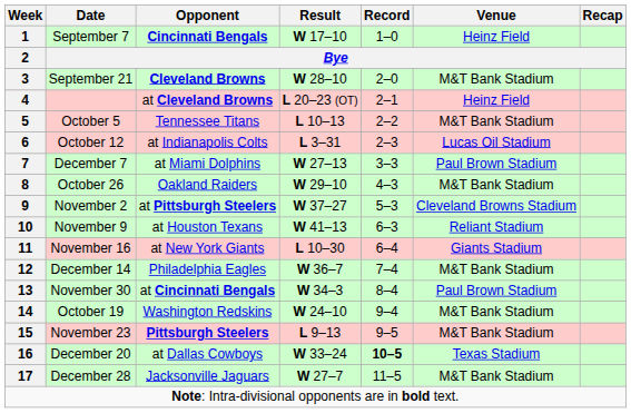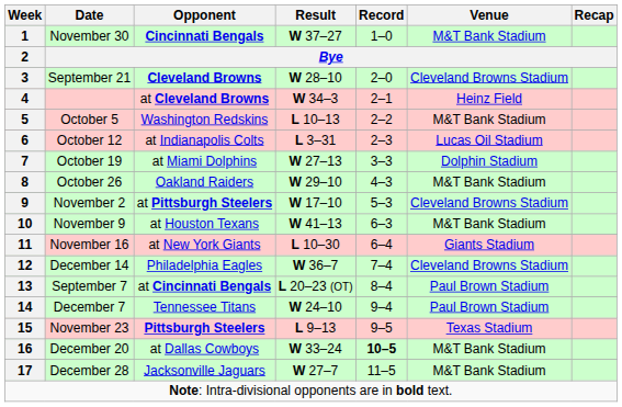 <table class="wikitable" style="text-align:center">
 <tr>
 <th>Week</th>
 <th>Date</th>
 <th>Opponent</th>
 <th>Result</th>
 <th>Record</th>
 <th>Venue</th>
 <th>Recap</th>
 </tr>
 <tr style="background:#cfc">
 <th>1</th>
-<td>September 7</td>
+<td>November 30</td>
 <td><strong><a href='#'>Cincinnati Bengals</a></strong></td>
-<td><strong>W</strong> 17–10</td>
+<td><strong>W</strong> 37–27</td>
 <td>1–0</td>
-<td><a href='#'>Heinz Field</a></td>
+<td><a href='#'>M&T Bank Stadium</a></td>
 <td></td>
 </tr>
 <tr>
 <th>2</th>
 <th colspan=7 align=center><em><a href='#'>Bye</a></em> </th>
 </tr>
 <tr style="background:#cfc">
 <th>3</th>
 <td>September 21</td>
 <td><strong><a href='#'>Cleveland Browns</a></strong></td>
 <td><strong>W</strong> 28–10</td>
 <td>2–0</td>
-<td>M&T Bank Stadium</td>
+<td><a href='#'>Cleveland Browns Stadium</a></td>
 <td></td>
 </tr>
 <tr style="background:#fcc">
 <th>4</th>
 <td></td>
 <td>at <strong> <a href='#'>Cleveland Browns</a></strong></td>
-<td><strong>L</strong> 20–23 <small>(OT)</small></td>
+<td><strong>W</strong> 34–3</td>
 <td>2–1</td>
 <td><a href='#'>Heinz Field</a></td>
 <td></td>
 </tr>
 <tr style="background:#fcc">
 <th>5</th>
 <td>October 5</td>
-<td><a href='#'>Tennessee Titans</a></td>
+<td><a href='#'>Washington Redskins</a></td>
 <td><strong>L</strong> 10–13</td>
 <td>2–2</td>
 <td>M&T Bank Stadium</td>
 <td></td>
 </tr>
 <tr style="background:#fcc">
 <th>6</th>
 <td>October 12</td>
 <td>at <a href='#'>Indianapolis Colts</a></td>
 <td><strong>L</strong> 3–31</td>
 <td>2–3</td>
 <td><a href='#'>Lucas Oil Stadium</a></td>
 <td></td>
 </tr>
 <tr style="background:#cfc">
 <th>7</th>
-<td>December 7</td>
+<td>October 19</td>
 <td>at <a href='#'>Miami Dolphins</a></td>
 <td><strong>W</strong> 27–13</td>
 <td>3–3</td>
-<td><a href='#'>Paul Brown Stadium</a></td>
+<td><a href='#'>Dolphin Stadium</a></td>
 <td></td>
 </tr>
 <tr style="background:#cfc">
 <th>8</th>
 <td>October 26</td>
 <td><a href='#'>Oakland Raiders</a></td>
 <td><strong>W</strong> 29–10</td>
 <td>4–3</td>
 <td>M&T Bank Stadium</td>
 <td></td>
 </tr>
 <tr style="background:#cfc">
 <th>9</th>
 <td>November 2</td>
 <td>at <strong><a href='#'>Pittsburgh Steelers</a></strong></td>
-<td><strong>W</strong> 37–27</td>
+<td><strong>W</strong> 17–10</td>
 <td>5–3</td>
 <td><a href='#'>Cleveland Browns Stadium</a></td>
 <td></td>
 </tr>
 <tr style="background:#cfc">
 <th>10</th>
 <td>November 9</td>
 <td>at <a href='#'>Houston Texans</a></td>
 <td><strong>W</strong> 41–13</td>
 <td>6–3</td>
-<td><a href='#'>Reliant Stadium</a></td>
+<td>M&T Bank Stadium</td>
 <td></td>
 </tr>
 <tr style="background:#fcc">
 <th>11</th>
 <td>November 16</td>
 <td>at <a href='#'>New York Giants</a></td>
 <td><strong>L</strong> 10–30</td>
 <td>6–4</td>
 <td><a href='#'>Giants Stadium</a></td>
 <td></td>
 </tr>
 <tr style="background:#cfc">
 <th>12</th>
 <td>December 14</td>
 <td><a href='#'>Philadelphia Eagles</a></td>
 <td><strong>W</strong> 36–7</td>
 <td>7–4</td>
-<td>M&T Bank Stadium</td>
+<td><a href='#'>Cleveland Browns Stadium</a></td>
 <td></td>
 </tr>
 <tr style="background:#cfc">
 <th>13</th>
-<td>November 30</td>
+<td>September 7</td>
 <td>at <strong><a href='#'>Cincinnati Bengals</a></strong></td>
-<td><strong>W</strong> 34–3</td>
+<td><strong>L</strong> 20–23 <small>(OT)</small></td>
 <td>8–4</td>
 <td><a href='#'>Paul Brown Stadium</a></td>
 <td></td>
 </tr>
 <tr style="background:#cfc">
 <th>14</th>
-<td>October 19</td>
-<td><a href='#'>Washington Redskins</a></td>
+<td>December 7</td>
+<td><a href='#'>Tennessee Titans</a></td>
 <td><strong>W</strong> 24–10</td>
 <td>9–4</td>
-<td>M&T Bank Stadium</td>
+<td><a href='#'>Paul Brown Stadium</a></td>
 <td></td>
 </tr>
 <tr style="background:#fcc">
 <th>15</th>
 <td>November 23</td>
 <td><strong><a href='#'>Pittsburgh Steelers</a></strong></td>
 <td><strong>L</strong> 9–13</td>
 <td>9–5</td>
-<td>M&T Bank Stadium</td>
+<td><a href='#'>Texas Stadium</a></td>
 <td></td>
 </tr>
 <tr style="background:#cfc">
 <th>16</th>
 <td>December 20</td>
 <td>at <a href='#'>Dallas Cowboys</a></td>
 <td><strong>W</strong> 33–24</td>
 <td><strong>10–5</strong></td>
-<td><a href='#'>Texas Stadium</a></td>
+<td>M&T Bank Stadium</td>
 <td></td>
 </tr>
 <tr style="background:#cfc">
 <th>17</th>
 <td>December 28</td>
 <td><a href='#'>Jacksonville Jaguars</a></td>
 <td><strong>W</strong> 27–7</td>
 <td>11–5</td>
 <td>M&T Bank Stadium</td>
 <td></td>
 </tr>
 <tr>
 <td colspan="7"><strong>Note</strong>: Intra-divisional opponents are in <strong>bold</strong> text.</td>
 </tr>
 </table>
